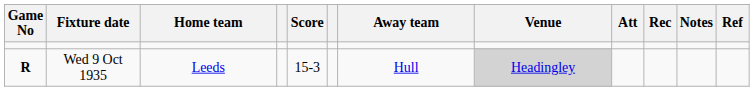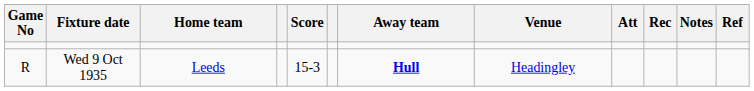 <table class="wikitable" style="text-align:center;">
 <tr>
 <th width=20 abbr="No">Game No</th>
 <th width=100 abbr="Date">Fixture date</th>
 <th width=150 abbr="Home team">Home team</th>
 <th width=5 abbr="space"></th>
 <th width=20 abbr="Score">Score</th>
 <th width=5 abbr="space"></th>
 <th width=150 abbr="Away team">Away team</th>
 <th width=150 abbr="Venue">Venue</th>
 <th width=30 abbr="Att">Att</th>
 <th width=30 abbr="Rec">Rec</th>
 <th width=20 abbr="Notes">Notes</th>
 <th width=30 abbr="Ref">Ref</th>
 </tr>
 <tr>
 <td></td>
 <td></td>
 <td></td>
 <td></td>
 <td></td>
 <td></td>
 <td></td>
 <td></td>
 <td></td>
 <td></td>
 <td></td>
 </tr>
 <tr>
-<td><strong>R</strong></td>
+<td>R</td>
 <td>Wed 9 Oct 1935</td>
 <td><a href='#'>Leeds</a></td>
 <td></td>
 <td>15-3</td>
 <td></td>
-<td><a href='#'>Hull</a></td>
-<td style="background: lightgrey;"><a href='#'>Headingley</a></td>
+<td><strong><a href='#'>Hull</a></strong></td>
+<td><a href='#'>Headingley</a></td>
 <td></td>
 <td></td>
 <td></td>
 <td></td>
 </tr>
 </table>
